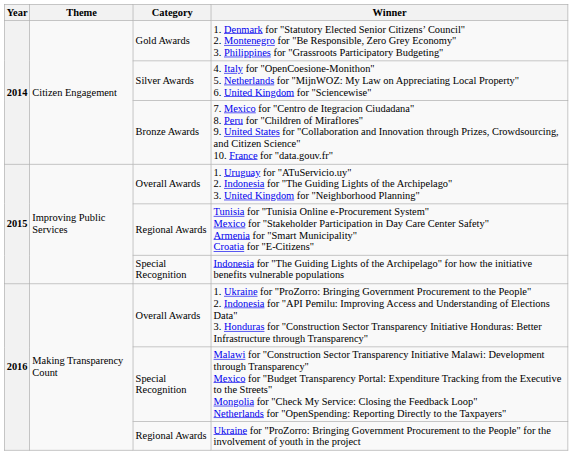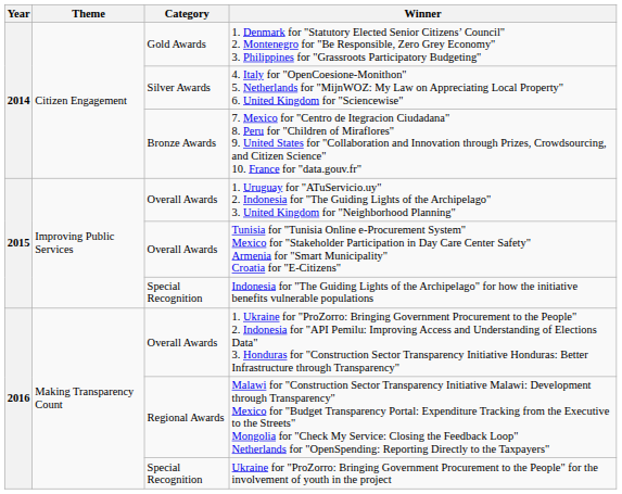 <table class="wikitable unsortable">
 <tr>
 <th>Year</th>
 <th>Theme</th>
 <th>Category</th>
 <th>Winner</th>
 </tr>
 <tr>
 <th rowspan="3">2014</th>
 <td rowspan="3">Citizen Engagement</td>
 <td>Gold Awards</td>
 <td>1. <a href='#'>Denmark</a> for "Statutory Elected Senior Citizens’ Council"<br>2. <a href='#'>Montenegro</a> for "Be Responsible, Zero Grey Economy"<br>3. <a href='#'>Philippines</a> for "Grassroots Participatory Budgeting"</td>
 </tr>
 <tr>
 <td>Silver Awards</td>
 <td>4. <a href='#'>Italy</a> for "OpenCoesione-Monithon"<br>5. <a href='#'>Netherlands</a> for "MijnWOZ: My Law on Appreciating Local Property"<br>6. <a href='#'>United Kingdom</a> for "Sciencewise"</td>
 </tr>
 <tr>
 <td>Bronze Awards</td>
 <td>7. <a href='#'>Mexico</a> for "Centro de Itegracion Ciudadana"<br>8. <a href='#'>Peru</a> for "Children of Miraflores"<br>9. <a href='#'>United States</a> for "Collaboration and Innovation through Prizes, Crowdsourcing, and Citizen Science"<br>10. <a href='#'>France</a> for "data.gouv.fr"</td>
 </tr>
 <tr>
 <th rowspan="3">2015</th>
 <td rowspan="3">Improving Public Services</td>
 <td>Overall Awards</td>
 <td>1. <a href='#'>Uruguay</a> for "ATuServicio.uy"<br>2. <a href='#'>Indonesia</a> for "The Guiding Lights of the Archipelago"<br>3. <a href='#'>United Kingdom</a> for "Neighborhood Planning"</td>
 </tr>
 <tr>
-<td>Regional Awards</td>
+<td>Overall Awards</td>
 <td><a href='#'>Tunisia</a> for "Tunisia Online e-Procurement System"<br><a href='#'>Mexico</a> for "Stakeholder Participation in Day Care Center Safety"<br><a href='#'>Armenia</a> for "Smart Municipality"<br><a href='#'>Croatia</a> for "E-Citizens"</td>
 </tr>
 <tr>
 <td>Special Recognition</td>
 <td><a href='#'>Indonesia</a> for "The Guiding Lights of the Archipelago" for how the initiative benefits vulnerable populations</td>
 </tr>
 <tr>
 <th rowspan="3">2016</th>
 <td rowspan="3">Making Transparency Count</td>
 <td>Overall Awards</td>
 <td>1. <a href='#'>Ukraine</a> for "ProZorro: Bringing Government Procurement to the People"<br>2. <a href='#'>Indonesia</a> for "API Pemilu: Improving Access and Understanding of Elections Data"<br>3. <a href='#'>Honduras</a> for "Construction Sector Transparency Initiative Honduras: Better Infrastructure through Transparency"</td>
 </tr>
 <tr>
-<td>Special Recognition</td>
+<td>Regional Awards</td>
 <td><a href='#'>Malawi</a> for "Construction Sector Transparency Initiative Malawi: Development through Transparency"<br><a href='#'>Mexico</a> for "Budget Transparency Portal: Expenditure Tracking from the Executive to the Streets"<br><a href='#'>Mongolia</a> for "Check My Service: Closing the Feedback Loop"<br><a href='#'>Netherlands</a> for "OpenSpending: Reporting Directly to the Taxpayers"</td>
 </tr>
 <tr>
-<td>Regional Awards</td>
+<td>Special Recognition</td>
 <td><a href='#'>Ukraine</a> for "ProZorro: Bringing Government Procurement to the People" for the involvement of youth in the project</td>
 </tr>
 </table>
